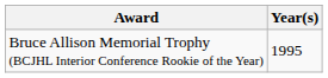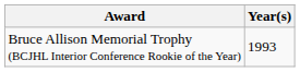 <table class="wikitable">
 <tr>
 <th>Award</th>
 <th>Year(s)</th>
 </tr>
 <tr>
 <td>Bruce Allison Memorial Trophy<br><small>(BCJHL Interior Conference Rookie of the Year)</small></td>
-<td>1995</td>
+<td>1993</td>
 </tr>
 </table>
